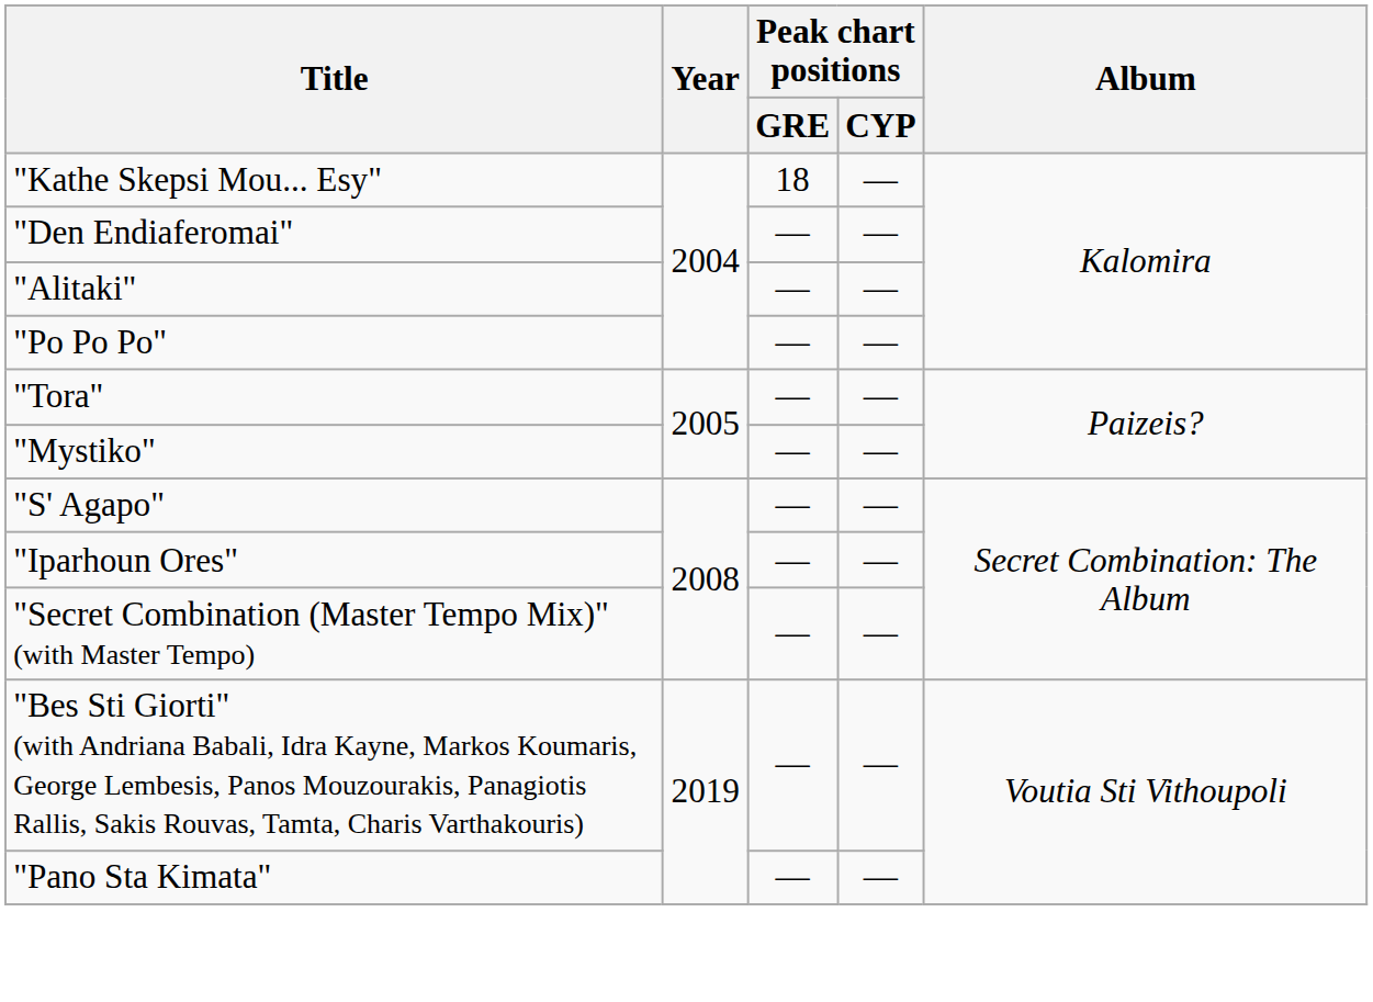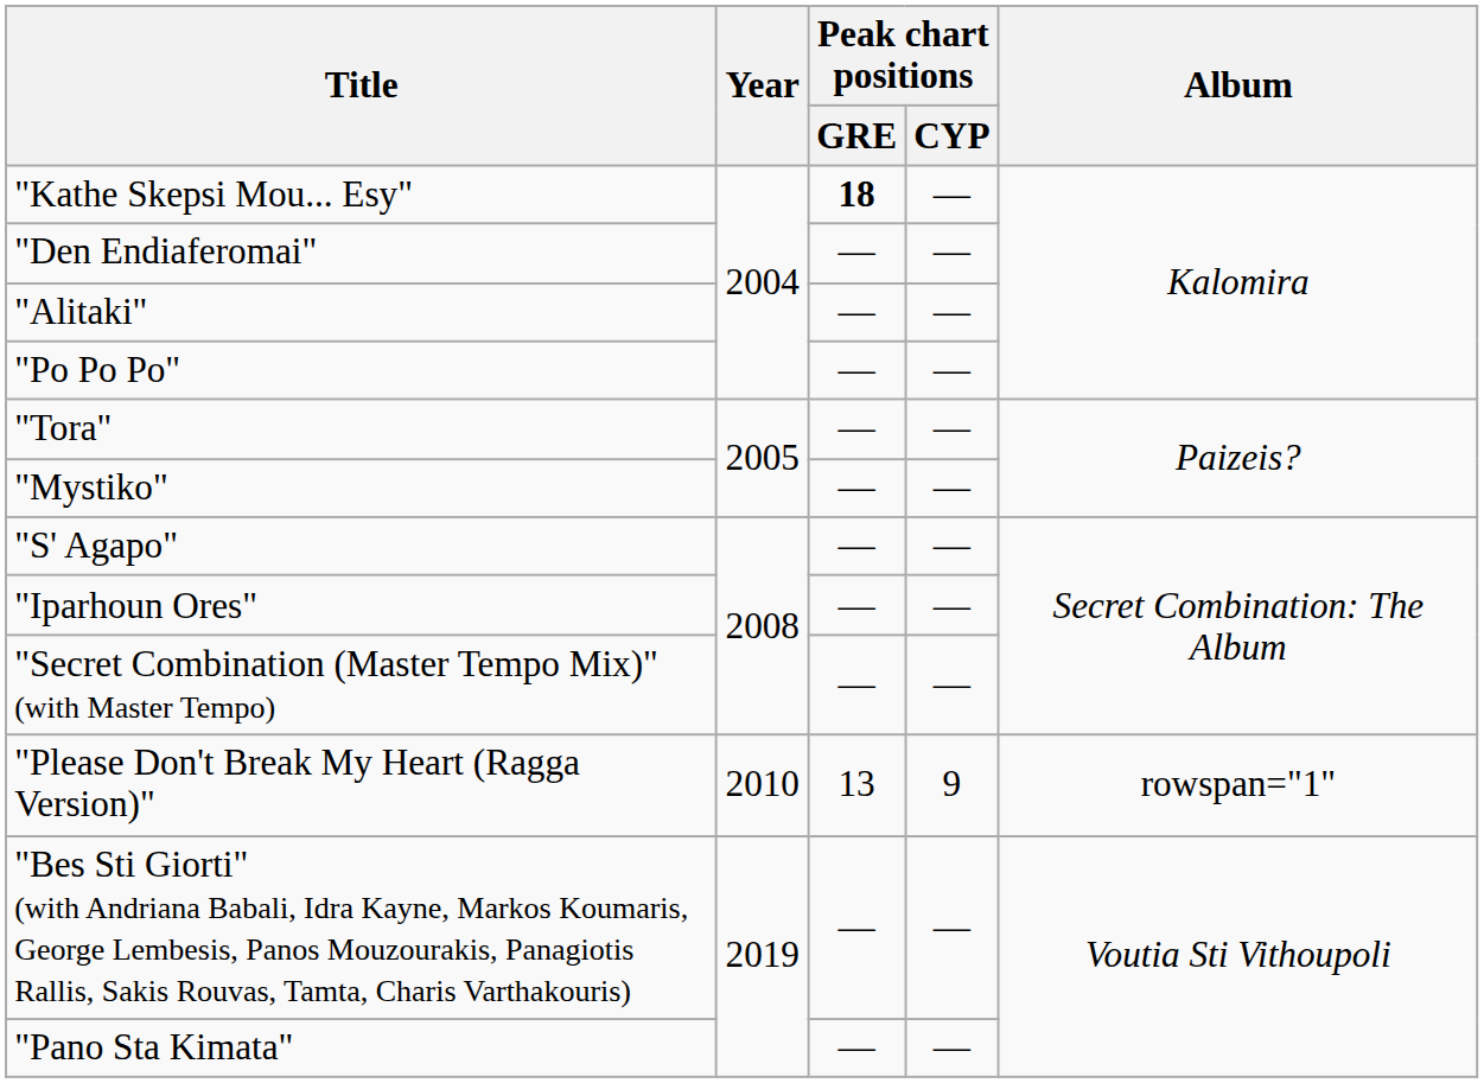 <table class="wikitable" style="text-align:center;">
 <tr>
 <th scope="col" rowspan="2" width=300>Title</th>
 <th scope="col" rowspan="2" width=10>Year</th>
 <th scope="col" colspan="2">Peak chart positions</th>
 <th scope="col" rowspan="2" width=200>Album</th>
 </tr>
 <tr>
 <th width="30">GRE</th>
 <th width="30">CYP</th>
 </tr>
 <tr>
 <td align="left">"Kathe Skepsi Mou... Esy"</td>
 <td rowspan="4">2004</td>
-<td>18</td>
+<td><strong>18</strong></td>
 <td>—</td>
 <td rowspan="4"><em>Kalomira</em></td>
 </tr>
 <tr>
 <td align="left">"Den Endiaferomai"</td>
 <td>—</td>
 <td>—</td>
 </tr>
 <tr>
 <td align="left">"Alitaki"</td>
 <td>—</td>
 <td>—</td>
 </tr>
 <tr>
 <td align="left">"Po Po Po"</td>
 <td>—</td>
 <td>—</td>
 </tr>
 <tr>
 <td align="left">"Tora"</td>
 <td rowspan="2">2005</td>
 <td>—</td>
 <td>—</td>
 <td rowspan="2"><em>Paizeis?</em></td>
 </tr>
 <tr>
 <td align="left">"Mystiko"</td>
 <td>—</td>
 <td>—</td>
 </tr>
 <tr>
 <td align="left">"S' Agapo"</td>
 <td rowspan="3">2008</td>
 <td>—</td>
 <td>—</td>
 <td rowspan="3"><em>Secret Combination: The Album</em></td>
 </tr>
 <tr>
 <td align="left">"Iparhoun Ores"</td>
 <td>—</td>
 <td>—</td>
 </tr>
 <tr>
 <td align="left">"Secret Combination (Master Tempo Mix)"<br><small>(with Master Tempo)</small></td>
 <td>—</td>
 <td>—</td>
 </tr>
 <tr>
+<td align="left">"Please Don't Break My Heart (Ragga Version)"</td>
+<td>2010</td>
+<td>13</td>
+<td>9</td>
+<td>rowspan="1" </td>
+</tr>
+<tr>
 <td align="left">"Bes Sti Giorti"<br><small>(with Andriana Babali, Idra Kayne, Markos Koumaris, George Lembesis, Panos Mouzourakis, Panagiotis Rallis, Sakis Rouvas, Tamta, Charis Varthakouris)</small></td>
 <td rowspan="2">2019</td>
 <td>—</td>
 <td>—</td>
 <td rowspan="2"><em>Voutia Sti Vithoupoli</em></td>
 </tr>
 <tr>
 <td align="left">"Pano Sta Kimata"</td>
 <td>—</td>
 <td>—</td>
 </tr>
 </table>
